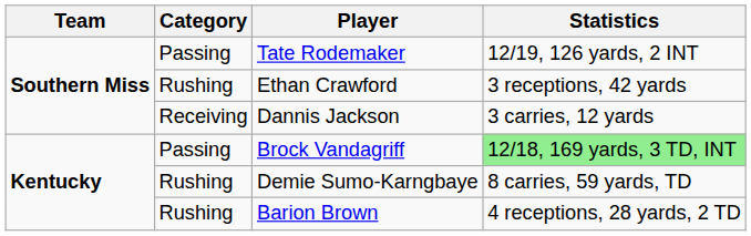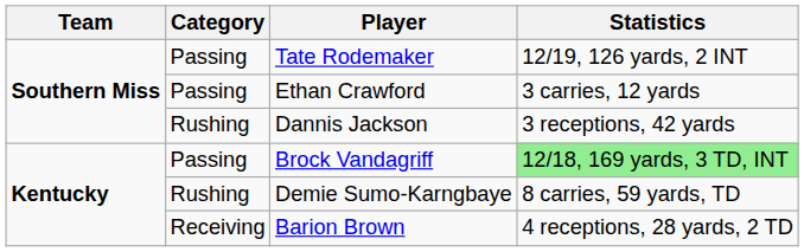 <table class="wikitable" style="float: right;">
 <tr>
 <th>Team</th>
 <th>Category</th>
 <th>Player</th>
 <th>Statistics</th>
 </tr>
 <tr>
 <td rowspan=3><strong>Southern Miss</strong></td>
 <td>Passing</td>
 <td><a href='#'>Tate Rodemaker</a></td>
 <td>12/19, 126 yards, 2 INT</td>
 </tr>
 <tr>
-<td>Rushing</td>
+<td>Passing</td>
 <td>Ethan Crawford</td>
-<td>3 receptions, 42 yards</td>
+<td>3 carries, 12 yards</td>
 </tr>
 <tr>
-<td>Receiving</td>
+<td>Rushing</td>
 <td>Dannis Jackson</td>
-<td>3 carries, 12 yards</td>
+<td>3 receptions, 42 yards</td>
 </tr>
 <tr>
 <td rowspan=3><strong>Kentucky</strong></td>
 <td>Passing</td>
 <td><a href='#'>Brock Vandagriff</a></td>
 <td style="background: lightgreen;">12/18, 169 yards, 3 TD, INT</td>
 </tr>
 <tr>
 <td>Rushing</td>
 <td>Demie Sumo-Karngbaye</td>
 <td>8 carries, 59 yards, TD</td>
 </tr>
 <tr>
-<td>Rushing</td>
+<td>Receiving</td>
 <td><a href='#'>Barion Brown</a></td>
 <td>4 receptions, 28 yards, 2 TD</td>
 </tr>
 </table>
